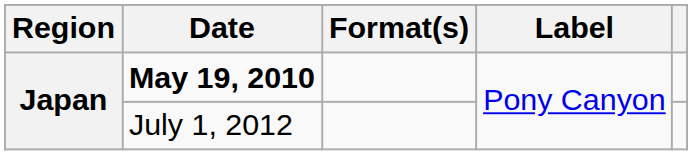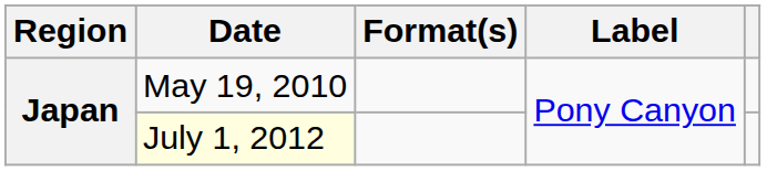 <table class="wikitable plainrowheaders">
 <tr>
 <th scope="col">Region</th>
 <th scope="col">Date</th>
 <th scope="col">Format(s)</th>
 <th scope="col">Label</th>
 <th scope="col"></th>
 </tr>
 <tr>
 <th scope="row" rowspan="2">Japan</th>
-<td><strong>May 19, 2010</strong></td>
+<td>May 19, 2010</td>
 <td></td>
 <td rowspan="2"><a href='#'>Pony Canyon</a></td>
 <td></td>
 </tr>
 <tr>
-<td>July 1, 2012</td>
+<td style="background: lightyellow;">July 1, 2012</td>
 <td></td>
 <td></td>
 </tr>
 </table>
